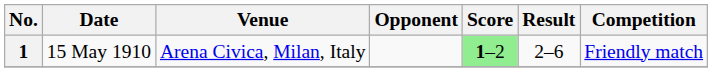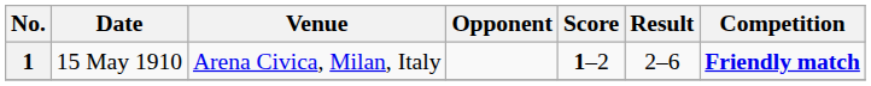 <table class="wikitable sortable plainrowheaders">
 <tr>
 <th scope=col>No.</th>
 <th scope=col>Date</th>
 <th scope=col>Venue</th>
 <th scope=col>Opponent</th>
 <th scope=col>Score</th>
 <th scope=col>Result</th>
 <th scope=col>Competition</th>
 </tr>
 <tr>
 <th scope=row style=text-align:center>1</th>
 <td>15 May 1910</td>
 <td><a href='#'>Arena Civica</a>, <a href='#'>Milan</a>, Italy</td>
 <td></td>
-<td align=center style="background: lightgreen;"><strong>1</strong>–2</td>
+<td align=center><strong>1</strong>–2</td>
 <td align=center>2–6</td>
-<td><a href='#'>Friendly match</a></td>
+<td><strong><a href='#'>Friendly match</a></strong></td>
 </tr>
 <tr>
 </tr>
 </table>
